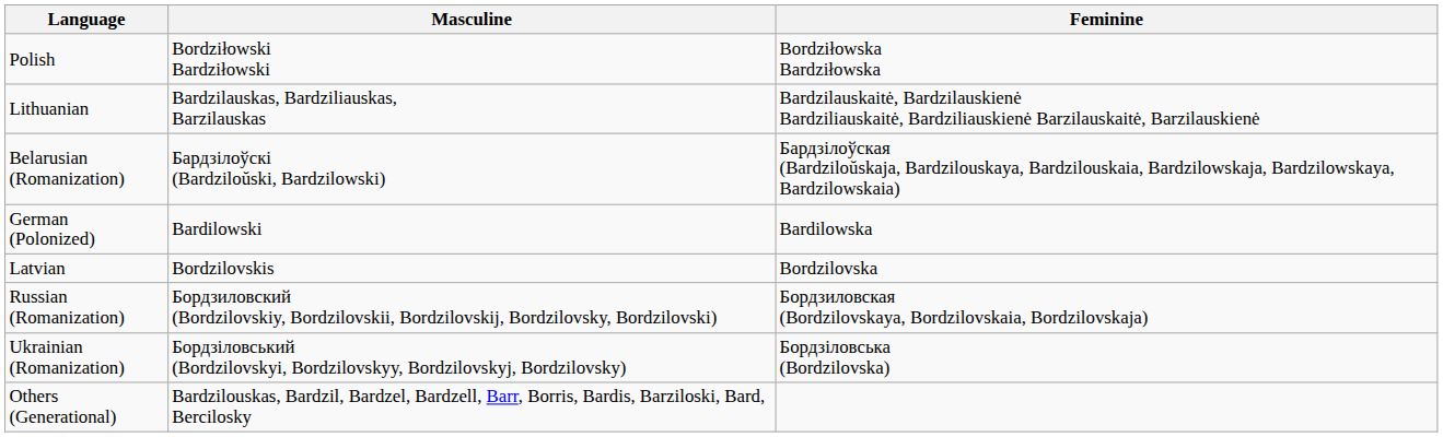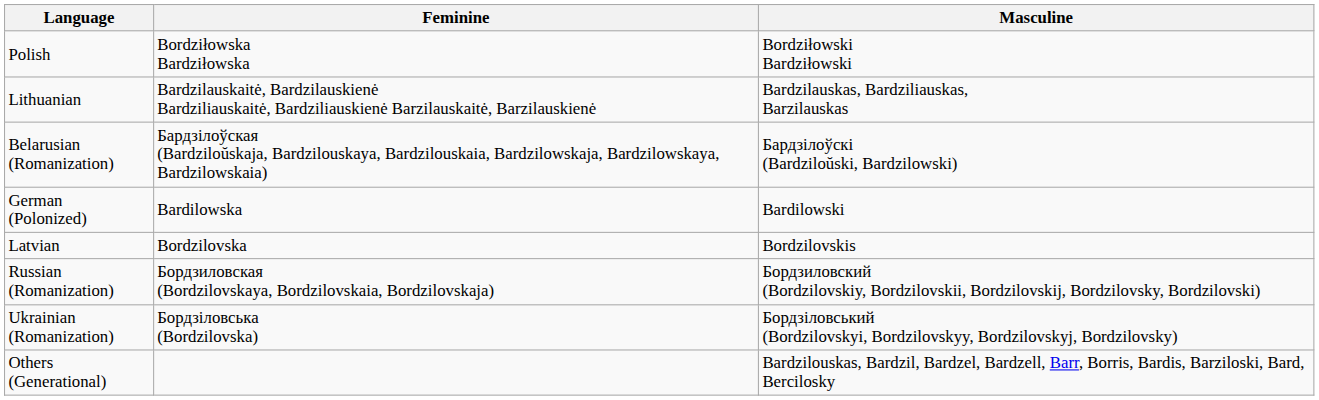 <table class="wikitable">
 <tr>
 <th>Language</th>
+<th>Feminine</th>
 <th>Masculine</th>
-<th>Feminine</th>
 </tr>
 <tr>
 <td>Polish</td>
+<td>Bordziłowska<br>Bardziłowska</td>
 <td>Bordziłowski<br>Bardziłowski</td>
-<td>Bordziłowska<br>Bardziłowska</td>
 </tr>
 <tr>
 <td>Lithuanian</td>
+<td>Bardzilauskaitė, Bardzilauskienė<br>Bardziliauskaitė, Bardziliauskienė Barzilauskaitė, Barzilauskienė</td>
 <td>Bardzilauskas, Bardziliauskas,<br>Barzilauskas</td>
-<td>Bardzilauskaitė, Bardzilauskienė<br>Bardziliauskaitė, Bardziliauskienė Barzilauskaitė, Barzilauskienė</td>
 </tr>
 <tr>
 <td>Belarusian<br>(Romanization)</td>
+<td>Бардзілоўская<br>(Bardziloŭskaja, Bardzilouskaya, Bardzilouskaia, Bardzilowskaja, Bardzilowskaya, Bardzilowskaia)</td>
 <td>Бардзілоўскі<br>(Bardziloŭski, Bardzilowski)</td>
-<td>Бардзілоўская<br>(Bardziloŭskaja, Bardzilouskaya, Bardzilouskaia, Bardzilowskaja, Bardzilowskaya, Bardzilowskaia)</td>
 </tr>
 <tr>
 <td>German<br>(Polonized)</td>
+<td>Bardilowska</td>
 <td>Bardilowski</td>
-<td>Bardilowska</td>
 </tr>
 <tr>
 <td>Latvian</td>
+<td>Bordzilovska</td>
 <td>Bordzilovskis</td>
-<td>Bordzilovska</td>
 </tr>
 <tr>
 <td>Russian<br>(Romanization)</td>
+<td>Бордзиловская<br>(Bordzilovskaya, Bordzilovskaia, Bordzilovskaja)</td>
 <td>Бордзиловский<br>(Bordzilovskiy, Bordzilovskii, Bordzilovskij,  Bordzilovsky, Bordzilovski)</td>
-<td>Бордзиловская<br>(Bordzilovskaya, Bordzilovskaia, Bordzilovskaja)</td>
 </tr>
 <tr>
 <td>Ukrainian<br>(Romanization)</td>
+<td>Бордзіловська<br>(Bordzilovska)</td>
 <td>Бордзіловський<br>(Bordzilovskyi, Bordzilovskyy, Bordzilovskyj, Bordzilovsky)</td>
-<td>Бордзіловська<br>(Bordzilovska)</td>
 </tr>
 <tr>
 <td>Others (Generational)</td>
+<td></td>
 <td>Bardzilouskas, Bardzil, Bardzel, Bardzell, <a href='#'>Barr</a>, Borris, Bardis, Barziloski, Bard, Bercilosky</td>
-<td></td>
 </tr>
 </table>
